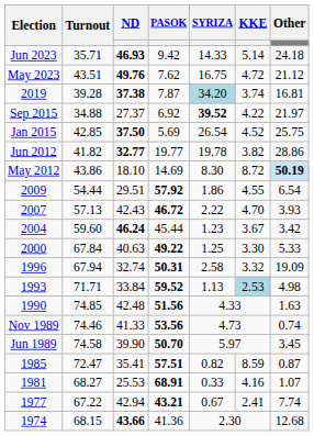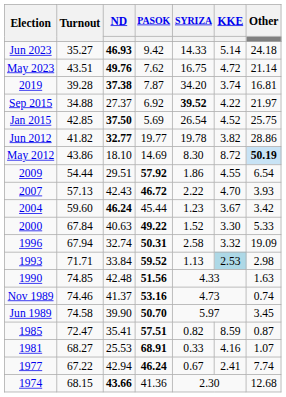 <table class="wikitable collapsible" style="text-align:center; font-size:95%; line-height:16px;">
 <tr style="height:42px;">
 <th rowspan="2">Election</th>
 <th rowspan="2" style="width:50px;">Turnout</th>
 <th style="width:35px;"><a href='#'>ND</a></th>
 <th style="width:35px; font-size:85%;"><a href='#'>PASOK</a></th>
 <th style="width:35px; font-size:85%;"><a href='#'>SYRIZA</a></th>
 <th style="width:35px;"><a href='#'>KKE</a></th>
 <th style="width:35px;">Other</th>
 </tr>
 <tr>
 <th style="color:inherit;background:"></th>
 <th style="color:inherit;background:"></th>
 <th style="color:inherit;background:"></th>
 <th style="color:inherit;background:"></th>
 <th style="color:inherit;background:Grey;"></th>
 </tr>
 <tr>
 <td><a href='#'>Jun 2023</a></td>
-<td>35.71</td>
+<td>35.27</td>
 <td><strong>46.93</strong></td>
 <td>9.42</td>
 <td>14.33</td>
 <td>5.14</td>
 <td>24.18</td>
 </tr>
 <tr>
 <td><a href='#'>May 2023</a></td>
 <td>43.51</td>
 <td><strong>49.76</strong></td>
 <td>7.62</td>
 <td>16.75</td>
 <td>4.72</td>
-<td>21.12</td>
+<td>21.14</td>
 </tr>
 <tr>
 <td><a href='#'>2019</a></td>
 <td>39.28</td>
 <td><strong>37.38</strong></td>
 <td>7.87</td>
-<td style="background: lightblue;">34.20</td>
+<td>34.20</td>
 <td>3.74</td>
 <td>16.81</td>
 </tr>
 <tr>
 <td><a href='#'>Sep 2015</a></td>
 <td>34.88</td>
 <td>27.37</td>
 <td>6.92</td>
 <td><strong>39.52</strong></td>
 <td>4.22</td>
 <td>21.97</td>
 </tr>
 <tr>
 <td><a href='#'>Jan 2015</a></td>
 <td>42.85</td>
 <td><strong>37.50</strong></td>
 <td>5.69</td>
 <td>26.54</td>
 <td>4.52</td>
 <td>25.75</td>
 </tr>
 <tr>
 <td><a href='#'>Jun 2012</a></td>
 <td>41.82</td>
 <td><strong>32.77</strong></td>
 <td>19.77</td>
 <td>19.78</td>
 <td>3.82</td>
 <td>28.86</td>
 </tr>
 <tr>
 <td><a href='#'>May 2012</a></td>
 <td>43.86</td>
 <td>18.10</td>
 <td>14.69</td>
 <td>8.30</td>
 <td>8.72</td>
 <td style="background:#C8E3F5;"><strong>50.19</strong></td>
 </tr>
 <tr>
 <td><a href='#'>2009</a></td>
 <td>54.44</td>
 <td>29.51</td>
 <td><strong>57.92</strong></td>
 <td>1.86</td>
 <td>4.55</td>
 <td>6.54</td>
 </tr>
 <tr>
 <td><a href='#'>2007</a></td>
 <td>57.13</td>
 <td>42.43</td>
 <td><strong>46.72</strong></td>
 <td>2.22</td>
 <td>4.70</td>
 <td>3.93</td>
 </tr>
 <tr>
 <td><a href='#'>2004</a></td>
 <td>59.60</td>
 <td><strong>46.24</strong></td>
 <td>45.44</td>
 <td>1.23</td>
 <td>3.67</td>
 <td>3.42</td>
 </tr>
 <tr>
 <td><a href='#'>2000</a></td>
 <td>67.84</td>
 <td>40.63</td>
 <td><strong>49.22</strong></td>
-<td>1.25</td>
+<td>1.52</td>
 <td>3.30</td>
 <td>5.33</td>
 </tr>
 <tr>
 <td><a href='#'>1996</a></td>
 <td>67.94</td>
 <td>32.74</td>
 <td><strong>50.31</strong></td>
 <td>2.58</td>
 <td>3.32</td>
 <td>19.09</td>
 </tr>
 <tr>
 <td><a href='#'>1993</a></td>
 <td>71.71</td>
 <td>33.84</td>
 <td><strong>59.52</strong></td>
 <td>1.13</td>
 <td style="background: lightblue;">2.53</td>
-<td>4.98</td>
+<td>2.98</td>
 </tr>
 <tr>
 <td><a href='#'>1990</a></td>
 <td>74.85</td>
 <td>42.48</td>
 <td><strong>51.56</strong></td>
 <td colspan="2">4.33</td>
 <td>1.63</td>
 </tr>
 <tr>
 <td><a href='#'>Nov 1989</a></td>
 <td>74.46</td>
-<td>41.33</td>
-<td><strong>53.56</strong></td>
+<td>41.37</td>
+<td><strong>53.16</strong></td>
 <td colspan="2">4.73</td>
 <td>0.74</td>
 </tr>
 <tr>
 <td><a href='#'>Jun 1989</a></td>
 <td>74.58</td>
 <td>39.90</td>
 <td><strong>50.70</strong></td>
 <td colspan="2">5.97</td>
 <td>3.45</td>
 </tr>
 <tr>
 <td><a href='#'>1985</a></td>
 <td>72.47</td>
 <td>35.41</td>
 <td><strong>57.51</strong></td>
 <td>0.82</td>
 <td>8.59</td>
 <td>0.87</td>
 </tr>
 <tr>
 <td><a href='#'>1981</a></td>
 <td>68.27</td>
 <td>25.53</td>
 <td><strong>68.91</strong></td>
 <td>0.33</td>
 <td>4.16</td>
 <td>1.07</td>
 </tr>
 <tr>
 <td><a href='#'>1977</a></td>
 <td>67.22</td>
 <td>42.94</td>
-<td><strong>43.21</strong></td>
+<td><strong>46.24</strong></td>
 <td>0.67</td>
 <td>2.41</td>
 <td>7.74</td>
 </tr>
 <tr>
 <td><a href='#'>1974</a></td>
 <td>68.15</td>
 <td><strong>43.66</strong></td>
 <td>41.36</td>
 <td colspan="2">2.30</td>
 <td>12.68</td>
 </tr>
 </table>
